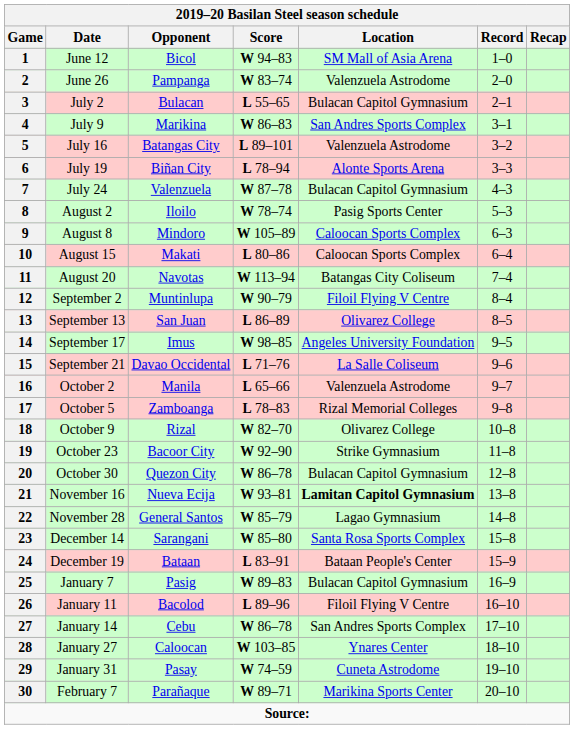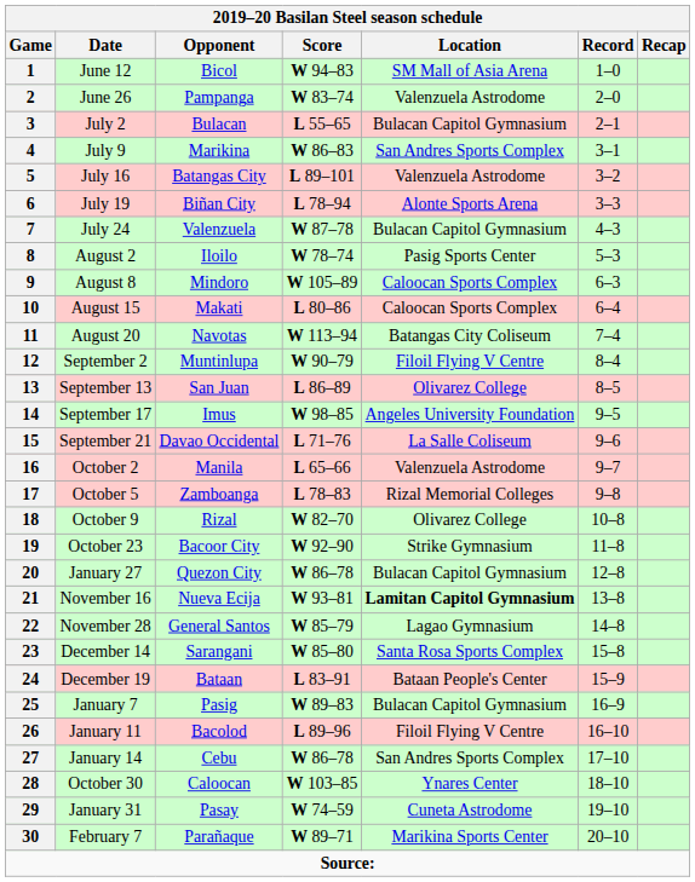 <table class="wikitable" style="text-align:center">
 <tr>
 <th colspan=7>2019–20 Basilan Steel season schedule</th>
 </tr>
 <tr>
 <th>Game</th>
 <th>Date</th>
 <th>Opponent</th>
 <th>Score</th>
 <th>Location</th>
 <th>Record</th>
 <th>Recap<br></th>
 </tr>
 <tr style="background:#cfc">
 <th>1</th>
 <td>June 12</td>
 <td><a href='#'>Bicol</a></td>
 <td><strong>W</strong> 94–83</td>
 <td><a href='#'>SM Mall of Asia Arena</a></td>
 <td>1–0</td>
 <td></td>
 </tr>
 <tr style="background:#cfc">
 <th>2</th>
 <td>June 26</td>
 <td><a href='#'>Pampanga</a></td>
 <td><strong>W</strong> 83–74</td>
 <td>Valenzuela Astrodome</td>
 <td>2–0</td>
 <td></td>
 </tr>
 <tr style="background:#fcc">
 <th>3</th>
 <td>July 2</td>
 <td><a href='#'>Bulacan</a></td>
 <td><strong>L</strong> 55–65</td>
 <td>Bulacan Capitol Gymnasium</td>
 <td>2–1</td>
 <td></td>
 </tr>
 <tr style="background:#cfc">
 <th>4</th>
 <td>July 9</td>
 <td><a href='#'>Marikina</a></td>
 <td><strong>W</strong> 86–83</td>
 <td><a href='#'>San Andres Sports Complex</a></td>
 <td>3–1</td>
 <td></td>
 </tr>
 <tr style="background:#fcc">
 <th>5</th>
 <td>July 16</td>
 <td><a href='#'>Batangas City</a></td>
 <td><strong>L</strong> 89–101</td>
 <td>Valenzuela Astrodome</td>
 <td>3–2</td>
 <td></td>
 </tr>
 <tr style="background:#fcc">
 <th>6</th>
 <td>July 19</td>
 <td><a href='#'>Biñan City</a></td>
 <td><strong>L</strong> 78–94</td>
 <td><a href='#'>Alonte Sports Arena</a></td>
 <td>3–3</td>
 <td></td>
 </tr>
 <tr style="background:#cfc">
 <th>7</th>
 <td>July 24</td>
 <td><a href='#'>Valenzuela</a></td>
 <td><strong>W</strong> 87–78</td>
 <td>Bulacan Capitol Gymnasium</td>
 <td>4–3</td>
 <td></td>
 </tr>
 <tr style="background:#cfc">
 <th>8</th>
 <td>August 2</td>
 <td><a href='#'>Iloilo</a></td>
 <td><strong>W</strong> 78–74</td>
 <td>Pasig Sports Center</td>
 <td>5–3</td>
 <td></td>
 </tr>
 <tr style="background:#cfc">
 <th>9</th>
 <td>August 8</td>
 <td><a href='#'>Mindoro</a></td>
 <td><strong>W</strong> 105–89</td>
 <td><a href='#'>Caloocan Sports Complex</a></td>
 <td>6–3</td>
 <td></td>
 </tr>
 <tr style="background:#fcc">
 <th>10</th>
 <td>August 15</td>
 <td><a href='#'>Makati</a></td>
 <td><strong>L</strong> 80–86</td>
 <td>Caloocan Sports Complex</td>
 <td>6–4</td>
 <td></td>
 </tr>
 <tr style="background:#cfc">
 <th>11</th>
 <td>August 20</td>
 <td><a href='#'>Navotas</a></td>
 <td><strong>W</strong> 113–94</td>
 <td>Batangas City Coliseum</td>
 <td>7–4</td>
 <td><br></td>
 </tr>
 <tr style="background:#cfc">
 <th>12</th>
 <td>September 2</td>
 <td><a href='#'>Muntinlupa</a></td>
 <td><strong>W</strong> 90–79</td>
 <td><a href='#'>Filoil Flying V Centre</a></td>
 <td>8–4</td>
 <td></td>
 </tr>
 <tr style="background:#fcc">
 <th>13</th>
 <td>September 13</td>
 <td><a href='#'>San Juan</a></td>
 <td><strong>L</strong> 86–89</td>
 <td><a href='#'>Olivarez College</a></td>
 <td>8–5</td>
 <td></td>
 </tr>
 <tr style="background:#cfc">
 <th>14</th>
 <td>September 17</td>
 <td><a href='#'>Imus</a></td>
 <td><strong>W</strong> 98–85</td>
 <td><a href='#'>Angeles University Foundation</a></td>
 <td>9–5</td>
 <td></td>
 </tr>
 <tr style="background:#fcc">
 <th>15</th>
 <td>September 21</td>
 <td><a href='#'>Davao Occidental</a></td>
 <td><strong>L</strong> 71–76</td>
 <td><a href='#'>La Salle Coliseum</a></td>
 <td>9–6</td>
 <td></td>
 </tr>
 <tr style="background:#fcc">
 <th>16</th>
 <td>October 2</td>
 <td><a href='#'>Manila</a></td>
 <td><strong>L</strong> 65–66</td>
 <td>Valenzuela Astrodome</td>
 <td>9–7</td>
 <td></td>
 </tr>
 <tr style="background:#fcc">
 <th>17</th>
 <td>October 5</td>
 <td><a href='#'>Zamboanga</a></td>
 <td><strong>L</strong> 78–83</td>
 <td>Rizal Memorial Colleges</td>
 <td>9–8</td>
 <td></td>
 </tr>
 <tr style="background:#cfc">
 <th>18</th>
 <td>October 9</td>
 <td><a href='#'>Rizal</a></td>
 <td><strong>W</strong> 82–70</td>
 <td>Olivarez College</td>
 <td>10–8</td>
 <td></td>
 </tr>
 <tr style="background:#cfc">
 <th>19</th>
 <td>October 23</td>
 <td><a href='#'>Bacoor City</a></td>
 <td><strong>W</strong> 92–90</td>
 <td>Strike Gymnasium</td>
 <td>11–8</td>
 <td></td>
 </tr>
 <tr style="background:#cfc">
 <th>20</th>
-<td>October 30</td>
+<td>January 27</td>
 <td><a href='#'>Quezon City</a></td>
 <td><strong>W</strong> 86–78</td>
 <td>Bulacan Capitol Gymnasium</td>
 <td>12–8</td>
 <td></td>
 </tr>
 <tr style="background:#cfc">
 <th>21</th>
 <td>November 16</td>
 <td><a href='#'>Nueva Ecija</a></td>
 <td><strong>W</strong> 93–81</td>
 <td><strong>Lamitan Capitol Gymnasium</strong></td>
 <td>13–8</td>
 <td></td>
 </tr>
 <tr style="background:#cfc">
 <th>22</th>
 <td>November 28</td>
 <td><a href='#'>General Santos</a></td>
 <td><strong>W</strong> 85–79</td>
 <td>Lagao Gymnasium</td>
 <td>14–8</td>
 <td><br></td>
 </tr>
 <tr style="background:#cfc">
 <th>23</th>
 <td>December 14</td>
 <td><a href='#'>Sarangani</a></td>
 <td><strong>W</strong> 85–80</td>
 <td><a href='#'>Santa Rosa Sports Complex</a></td>
 <td>15–8</td>
 <td></td>
 </tr>
 <tr style="background:#fcc">
 <th>24</th>
 <td>December 19</td>
 <td><a href='#'>Bataan</a></td>
 <td><strong>L</strong> 83–91</td>
 <td>Bataan People's Center</td>
 <td>15–9</td>
 <td></td>
 </tr>
 <tr style="background:#cfc">
 <th>25</th>
 <td>January 7</td>
 <td><a href='#'>Pasig</a></td>
 <td><strong>W</strong> 89–83</td>
 <td>Bulacan Capitol Gymnasium</td>
 <td>16–9</td>
 <td></td>
 </tr>
 <tr style="background:#fcc">
 <th>26</th>
 <td>January 11</td>
 <td><a href='#'>Bacolod</a></td>
 <td><strong>L</strong> 89–96</td>
 <td>Filoil Flying V Centre</td>
 <td>16–10</td>
 <td></td>
 </tr>
 <tr style="background:#cfc">
 <th>27</th>
 <td>January 14</td>
 <td><a href='#'>Cebu</a></td>
 <td><strong>W</strong> 86–78</td>
 <td>San Andres Sports Complex</td>
 <td>17–10</td>
 <td></td>
 </tr>
 <tr style="background:#cfc">
 <th>28</th>
-<td>January 27</td>
+<td>October 30</td>
 <td><a href='#'>Caloocan</a></td>
 <td><strong>W</strong> 103–85</td>
 <td><a href='#'>Ynares Center</a></td>
 <td>18–10</td>
 <td></td>
 </tr>
 <tr style="background:#cfc">
 <th>29</th>
 <td>January 31</td>
 <td><a href='#'>Pasay</a></td>
 <td><strong>W</strong> 74–59</td>
 <td><a href='#'>Cuneta Astrodome</a></td>
 <td>19–10</td>
 <td></td>
 </tr>
 <tr style="background:#cfc">
 <th>30</th>
 <td>February 7</td>
 <td><a href='#'>Parañaque</a></td>
 <td><strong>W</strong> 89–71</td>
 <td><a href='#'>Marikina Sports Center</a></td>
 <td>20–10</td>
 <td></td>
 </tr>
 <tr>
 <td colspan=7 align=center><strong>Source: </strong></td>
 </tr>
 </table>
